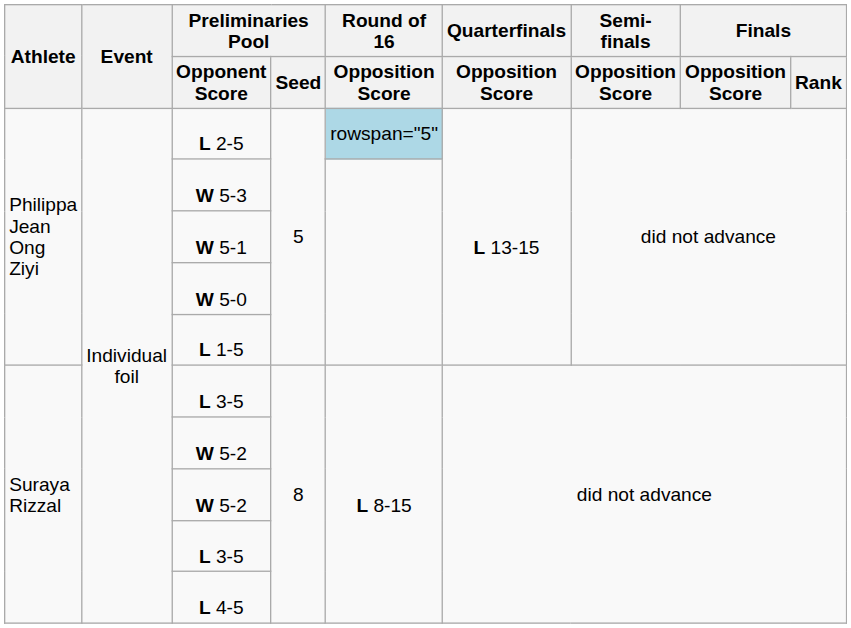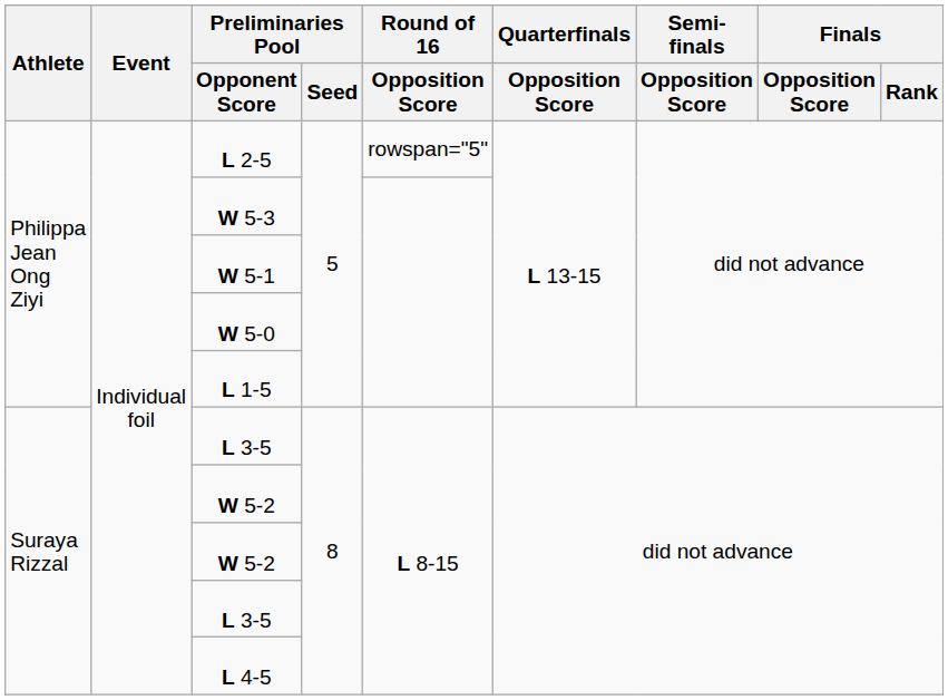 <table class="wikitable" style="font-size:90%">
 <tr>
 <th rowspan="2">Athlete</th>
 <th rowspan="2">Event</th>
 <th colspan="2">Preliminaries Pool</th>
 <th>Round of 16</th>
 <th>Quarterfinals</th>
 <th>Semi-finals</th>
 <th colspan="2">Finals</th>
 </tr>
 <tr>
 <th>Opponent Score</th>
 <th>Seed</th>
 <th>Opposition Score</th>
 <th>Opposition Score</th>
 <th>Opposition Score</th>
 <th>Opposition Score</th>
 <th>Rank</th>
 </tr>
 <tr align="center">
 <td align="left" rowspan="5">Philippa Jean Ong Ziyi</td>
 <td rowspan="10">Individual foil</td>
 <td><br><strong>L</strong> 2-5</td>
 <td rowspan="5">5</td>
-<td style="background: lightblue;">rowspan="5" </td>
+<td>rowspan="5" </td>
 <td rowspan="5"><br><strong>L</strong> 13-15</td>
 <td colspan="3" rowspan="5">did not advance</td>
 </tr>
 <tr align="center">
 <td><br><strong>W</strong> 5-3</td>
 </tr>
 <tr align="center">
 <td><br><strong>W</strong> 5-1</td>
 </tr>
 <tr align="center">
 <td><br><strong>W</strong> 5-0</td>
 </tr>
 <tr align="center">
 <td><br><strong>L</strong> 1-5</td>
 </tr>
 <tr align="center">
 <td align="left" rowspan="5">Suraya Rizzal</td>
 <td><br><strong>L</strong> 3-5</td>
 <td rowspan="5">8</td>
 <td rowspan="5"><br><strong>L</strong> 8-15</td>
 <td colspan="4" rowspan="5">did not advance</td>
 </tr>
 <tr align="center">
 <td><br><strong>W</strong> 5-2</td>
 </tr>
 <tr align="center">
 <td><br><strong>W</strong> 5-2</td>
 </tr>
 <tr align="center">
 <td><br><strong>L</strong> 3-5</td>
 </tr>
 <tr align="center">
 <td><br><strong>L</strong> 4-5</td>
 </tr>
 </table>
